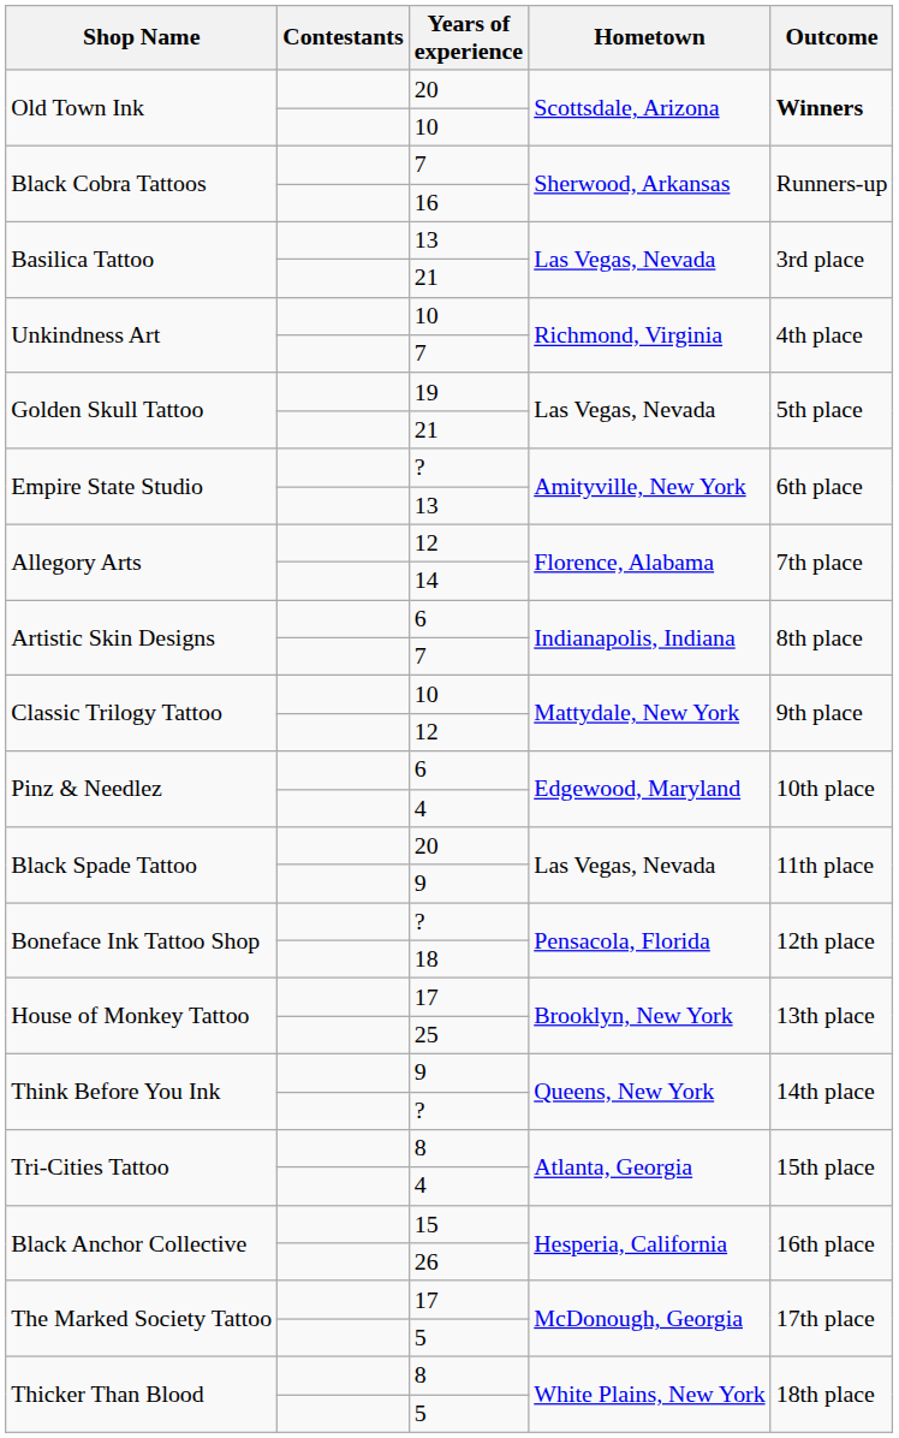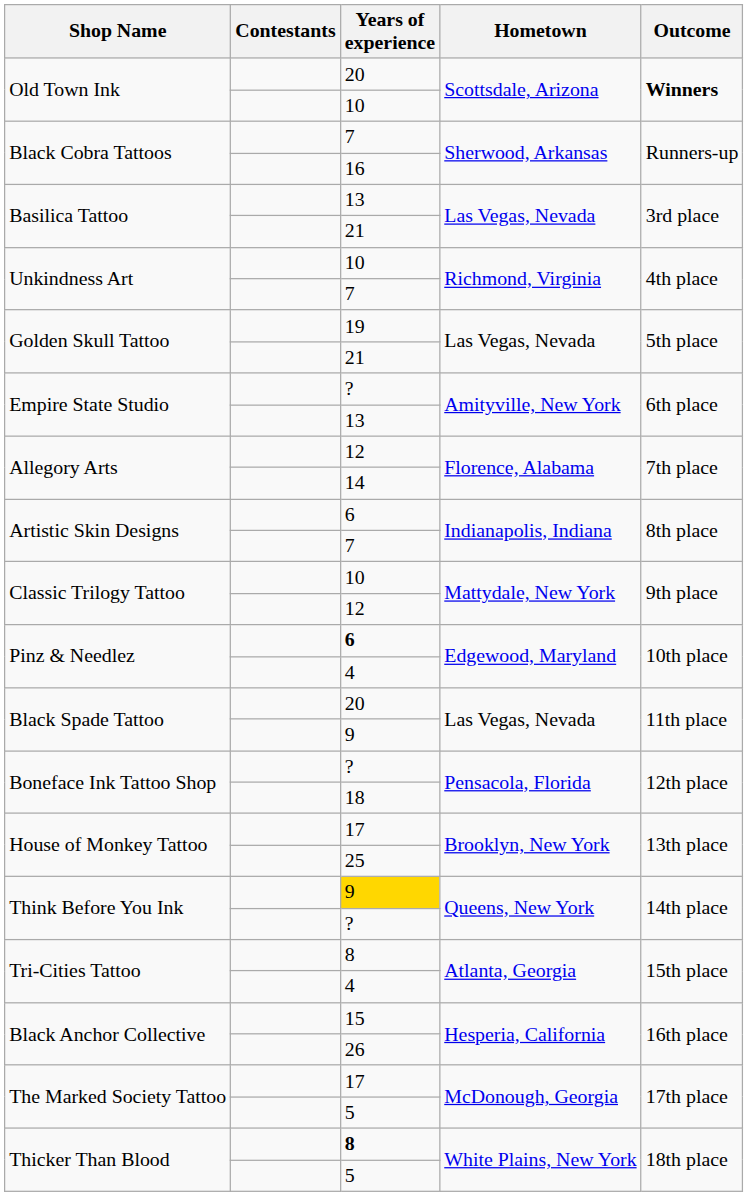 <table class="wikitable sortable">
 <tr>
 <th>Shop Name</th>
 <th>Contestants</th>
 <th>Years of<br>experience</th>
 <th>Hometown</th>
 <th>Outcome</th>
 </tr>
 <tr>
 <td rowspan="2">Old Town Ink</td>
 <td></td>
 <td>20</td>
 <td rowspan="2"><a href='#'>Scottsdale, Arizona</a></td>
 <td rowspan="2"><strong>Winners</strong></td>
 </tr>
 <tr>
 <td></td>
 <td>10</td>
 </tr>
 <tr>
 <td rowspan="2">Black Cobra Tattoos</td>
 <td></td>
 <td>7</td>
 <td rowspan="2"><a href='#'>Sherwood, Arkansas</a></td>
 <td rowspan="2">Runners-up</td>
 </tr>
 <tr>
 <td></td>
 <td>16</td>
 </tr>
 <tr>
 <td rowspan="2">Basilica Tattoo</td>
 <td></td>
 <td>13</td>
 <td rowspan="2"><a href='#'>Las Vegas, Nevada</a></td>
 <td rowspan="2">3rd place</td>
 </tr>
 <tr>
 <td></td>
 <td>21</td>
 </tr>
 <tr>
 <td rowspan="2">Unkindness Art</td>
 <td></td>
 <td>10</td>
 <td rowspan="2"><a href='#'>Richmond, Virginia</a></td>
 <td rowspan="2">4th place</td>
 </tr>
 <tr>
 <td></td>
 <td>7</td>
 </tr>
 <tr>
 <td rowspan="2">Golden Skull Tattoo</td>
 <td></td>
 <td>19</td>
 <td rowspan="2">Las Vegas, Nevada</td>
 <td rowspan="2">5th place</td>
 </tr>
 <tr>
 <td></td>
 <td>21</td>
 </tr>
 <tr>
 <td rowspan="2">Empire State Studio</td>
 <td></td>
 <td>?</td>
 <td rowspan="2"><a href='#'>Amityville, New York</a></td>
 <td rowspan="2">6th place</td>
 </tr>
 <tr>
 <td></td>
 <td>13</td>
 </tr>
 <tr>
 <td rowspan="2">Allegory Arts</td>
 <td></td>
 <td>12</td>
 <td rowspan="2"><a href='#'>Florence, Alabama</a></td>
 <td rowspan="2">7th place</td>
 </tr>
 <tr>
 <td></td>
 <td>14</td>
 </tr>
 <tr>
 <td rowspan="2">Artistic Skin Designs</td>
 <td></td>
 <td>6</td>
 <td rowspan="2"><a href='#'>Indianapolis, Indiana</a></td>
 <td rowspan="2">8th place</td>
 </tr>
 <tr>
 <td></td>
 <td>7</td>
 </tr>
 <tr>
 <td rowspan="2">Classic Trilogy Tattoo</td>
 <td></td>
 <td>10</td>
 <td rowspan="2"><a href='#'>Mattydale, New York</a></td>
 <td rowspan="2">9th place</td>
 </tr>
 <tr>
 <td></td>
 <td>12</td>
 </tr>
 <tr>
 <td rowspan="2">Pinz & Needlez</td>
 <td></td>
-<td>6</td>
+<td><strong>6</strong></td>
 <td rowspan="2"><a href='#'>Edgewood, Maryland</a></td>
 <td rowspan="2">10th place</td>
 </tr>
 <tr>
 <td></td>
 <td>4</td>
 </tr>
 <tr>
 <td rowspan="2">Black Spade Tattoo</td>
 <td></td>
 <td>20</td>
 <td rowspan="2">Las Vegas, Nevada</td>
 <td rowspan="2">11th place</td>
 </tr>
 <tr>
 <td></td>
 <td>9</td>
 </tr>
 <tr>
 <td rowspan="2">Boneface Ink Tattoo Shop</td>
 <td></td>
 <td>?</td>
 <td rowspan="2"><a href='#'>Pensacola, Florida</a></td>
 <td rowspan="2">12th place</td>
 </tr>
 <tr>
 <td></td>
 <td>18</td>
 </tr>
 <tr>
 <td rowspan="2">House of Monkey Tattoo</td>
 <td></td>
 <td>17</td>
 <td rowspan="2"><a href='#'>Brooklyn, New York</a></td>
 <td rowspan="2">13th place</td>
 </tr>
 <tr>
 <td></td>
 <td>25</td>
 </tr>
 <tr>
 <td rowspan="2">Think Before You Ink</td>
 <td></td>
-<td>9</td>
+<td style="background: gold;">9</td>
 <td rowspan="2"><a href='#'>Queens, New York</a></td>
 <td rowspan="2">14th place</td>
 </tr>
 <tr>
 <td></td>
 <td>?</td>
 </tr>
 <tr>
 <td rowspan="2">Tri-Cities Tattoo</td>
 <td></td>
 <td>8</td>
 <td rowspan="2"><a href='#'>Atlanta, Georgia</a></td>
 <td rowspan="2">15th place</td>
 </tr>
 <tr>
 <td></td>
 <td>4</td>
 </tr>
 <tr>
 <td rowspan="2">Black Anchor Collective</td>
 <td></td>
 <td>15</td>
 <td rowspan="2"><a href='#'>Hesperia, California</a></td>
 <td rowspan="2">16th place</td>
 </tr>
 <tr>
 <td></td>
 <td>26</td>
 </tr>
 <tr>
 <td rowspan="2">The Marked Society Tattoo</td>
 <td></td>
 <td>17</td>
 <td rowspan="2"><a href='#'>McDonough, Georgia</a></td>
 <td rowspan="2">17th place</td>
 </tr>
 <tr>
 <td></td>
 <td>5</td>
 </tr>
 <tr>
 <td rowspan="2">Thicker Than Blood</td>
 <td></td>
-<td>8</td>
+<td><strong>8</strong></td>
 <td rowspan="2"><a href='#'>White Plains, New York</a></td>
 <td rowspan="2">18th place</td>
 </tr>
 <tr>
 <td></td>
 <td>5</td>
 </tr>
 </table>
